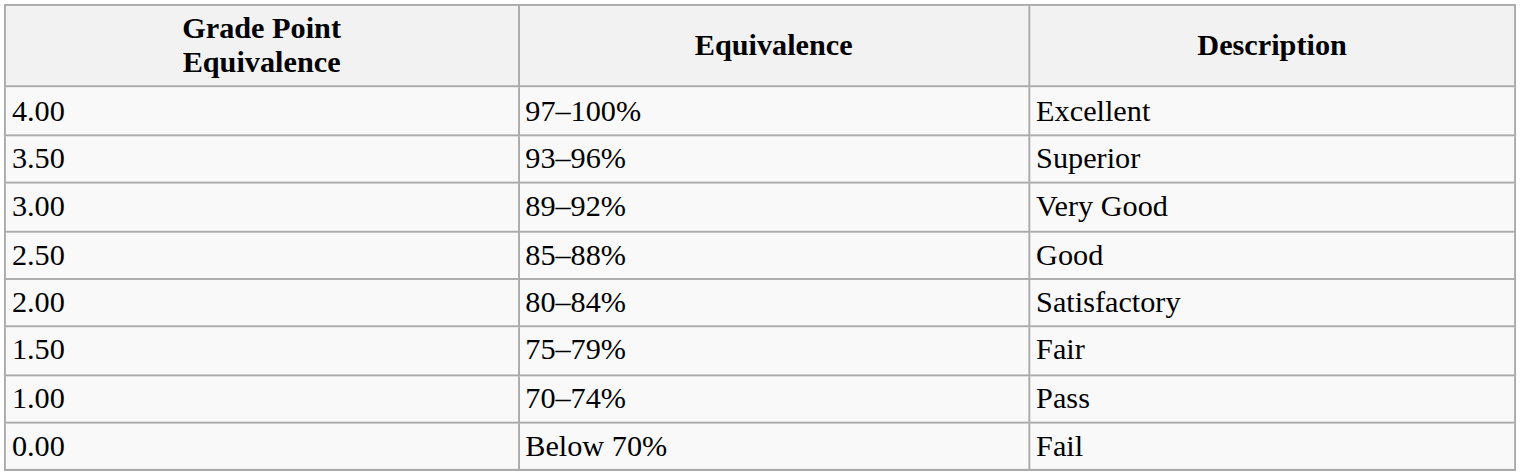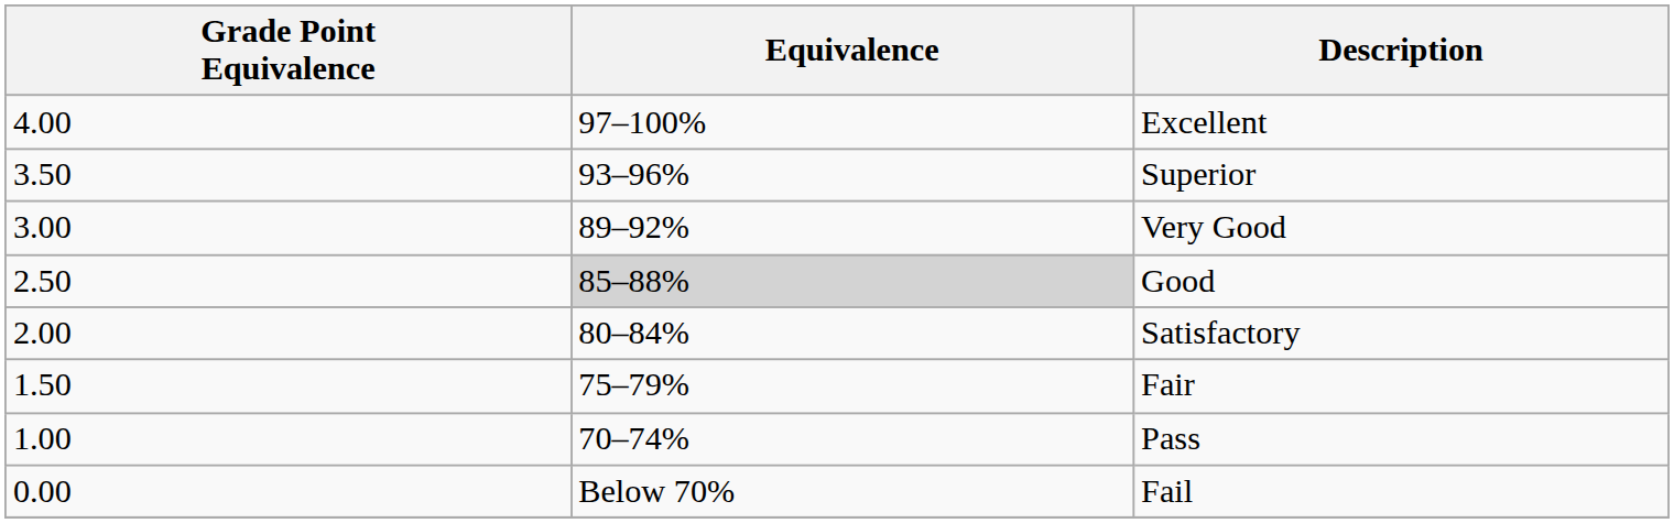 <table class="wikitable" style="width:800px">
 <tr>
 <th>Grade Point<br>Equivalence</th>
 <th>Equivalence</th>
 <th>Description</th>
 </tr>
 <tr>
 <td>4.00</td>
 <td>97–100%</td>
 <td>Excellent</td>
 </tr>
 <tr>
 <td>3.50</td>
 <td>93–96%</td>
 <td>Superior</td>
 </tr>
 <tr>
 <td>3.00</td>
 <td>89–92%</td>
 <td>Very Good</td>
 </tr>
 <tr>
 <td>2.50</td>
-<td>85–88%</td>
+<td style="background: lightgrey;">85–88%</td>
 <td>Good</td>
 </tr>
 <tr>
 <td>2.00</td>
 <td>80–84%</td>
 <td>Satisfactory</td>
 </tr>
 <tr>
 <td>1.50</td>
 <td>75–79%</td>
 <td>Fair</td>
 </tr>
 <tr>
 <td>1.00</td>
 <td>70–74%</td>
 <td>Pass</td>
 </tr>
 <tr>
 <td>0.00</td>
 <td>Below 70%</td>
 <td>Fail</td>
 </tr>
 <tr>
 </tr>
 </table>
